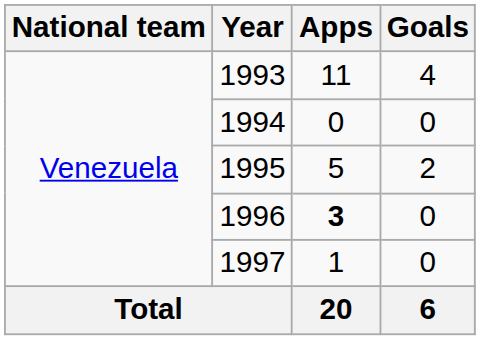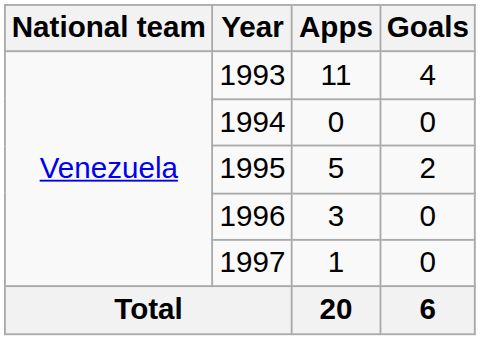 <table class="wikitable" style="text-align:center">
 <tr>
 <th>National team</th>
 <th>Year</th>
 <th>Apps</th>
 <th>Goals</th>
 </tr>
 <tr>
 <td rowspan="5"><a href='#'>Venezuela</a></td>
 <td>1993</td>
 <td>11</td>
 <td>4</td>
 </tr>
 <tr>
 <td>1994</td>
 <td>0</td>
 <td>0</td>
 </tr>
 <tr>
 <td>1995</td>
 <td>5</td>
 <td>2</td>
 </tr>
 <tr>
 <td>1996</td>
-<td><strong>3</strong></td>
+<td>3</td>
 <td>0</td>
 </tr>
 <tr>
 <td>1997</td>
 <td>1</td>
 <td>0</td>
 </tr>
 <tr>
 <th colspan="2">Total</th>
 <th>20</th>
 <th>6</th>
 </tr>
 </table>
